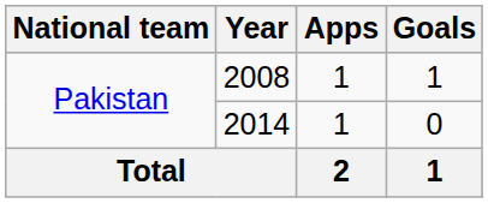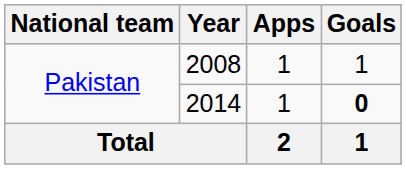 <table class="wikitable" style="text-align:center">
 <tr>
 <th>National team</th>
 <th>Year</th>
 <th>Apps</th>
 <th>Goals</th>
 </tr>
 <tr>
 <td rowspan="2"><a href='#'>Pakistan</a></td>
 <td>2008</td>
 <td>1</td>
 <td>1</td>
 </tr>
 <tr>
 <td>2014</td>
 <td>1</td>
-<td>0</td>
+<td><strong>0</strong></td>
 </tr>
 <tr>
 <th colspan="2">Total</th>
 <th>2</th>
 <th>1</th>
 </tr>
 </table>
